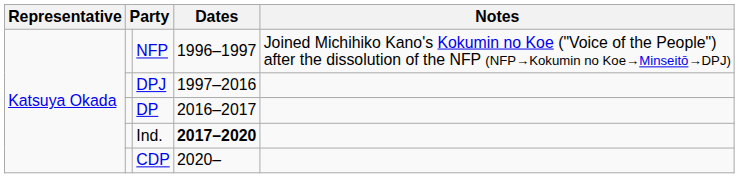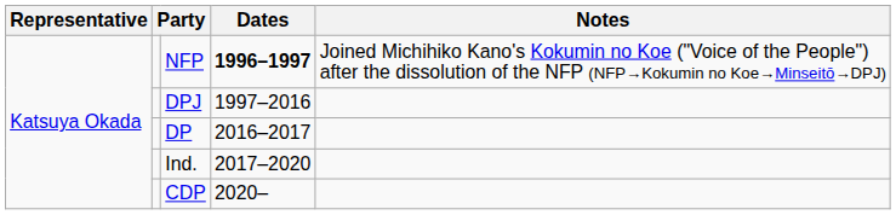 <table class=wikitable>
 <tr valign=bottom>
 <th>Representative</th>
 <th colspan="2">Party</th>
 <th>Dates</th>
 <th>Notes</th>
 </tr>
 <tr>
 <td rowspan="5"><a href='#'>Katsuya Okada</a></td>
 <td bgcolor=></td>
 <td><a href='#'>NFP</a></td>
-<td>1996–1997</td>
+<td><strong>1996–1997</strong></td>
 <td rowspan="1">Joined Michihiko Kano's <a href='#'>Kokumin no Koe</a> ("Voice of the People") <br>after the dissolution of the NFP  <small>(NFP→Kokumin no Koe→<a href='#'>Minseitō</a>→DPJ)</small></td>
 </tr>
 <tr>
 <td bgcolor=></td>
 <td><a href='#'>DPJ</a></td>
 <td>1997–2016</td>
 <td></td>
 </tr>
 <tr>
 <td bgcolor=></td>
 <td><a href='#'>DP</a></td>
 <td>2016–2017</td>
 <td></td>
 </tr>
 <tr>
 <td bgcolor=></td>
 <td>Ind.</td>
-<td><strong>2017–2020</strong></td>
+<td>2017–2020</td>
 <td></td>
 </tr>
 <tr>
 <td bgcolor=></td>
 <td><a href='#'>CDP</a></td>
 <td>2020–</td>
 <td></td>
 </tr>
 </table>
